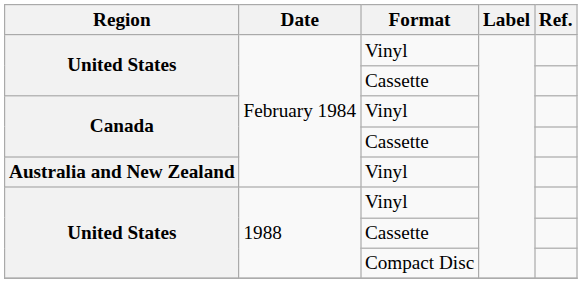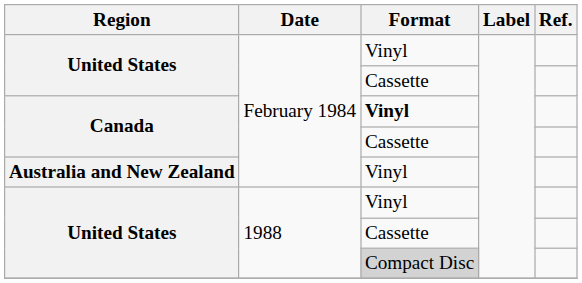 <table class="wikitable plainrowheaders">
 <tr>
 <th scope="col">Region</th>
 <th scope="col">Date</th>
 <th scope="col">Format</th>
 <th scope="col">Label</th>
 <th scope="col">Ref.</th>
 </tr>
 <tr>
 <th scope="row" rowspan="2">United States</th>
 <td rowspan="5">February 1984</td>
 <td>Vinyl</td>
 <td rowspan="8"></td>
 <td></td>
 </tr>
 <tr>
 <td>Cassette</td>
 <td></td>
 </tr>
 <tr>
 <th scope="row" rowspan="2">Canada</th>
-<td>Vinyl</td>
+<td><strong>Vinyl</strong></td>
 <td></td>
 </tr>
 <tr>
 <td>Cassette</td>
 <td></td>
 </tr>
 <tr>
 <th scope="row">Australia and New Zealand</th>
 <td>Vinyl</td>
 <td></td>
 </tr>
 <tr>
 <th scope="row" rowspan="3">United States</th>
 <td rowspan="3">1988</td>
 <td>Vinyl</td>
 <td></td>
 </tr>
 <tr>
 <td>Cassette</td>
 <td></td>
 </tr>
 <tr>
-<td>Compact Disc</td>
+<td style="background: lightgrey;">Compact Disc</td>
 <td></td>
 </tr>
 <tr>
 </tr>
 </table>
